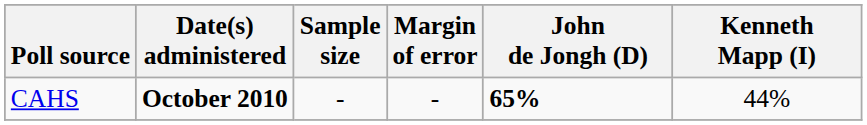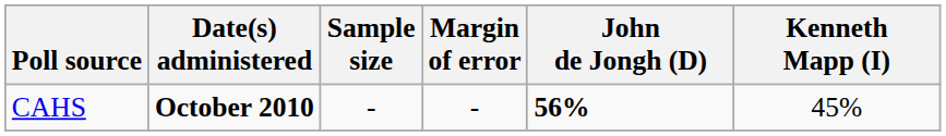 <table class="wikitable" style="font-size:90%">
 <tr valign=bottom>
 <th>Poll source</th>
 <th>Date(s)<br>administered</th>
 <th>Sample<br>size</th>
 <th>Margin<br>of error</th>
 <th style="width:100px;">John<br>de Jongh (D)</th>
 <th style="width:100px;">Kenneth<br>Mapp (I)</th>
 </tr>
 <tr>
 <td><a href='#'>CAHS</a></td>
 <td><strong>October 2010</strong></td>
 <td rowspan=2 align=center>-</td>
 <td rowspan=2 align=center>-</td>
-<td><strong>65%</strong></td>
-<td align=center>44%</td>
+<td><strong>56%</strong></td>
+<td align=center>45%</td>
 </tr>
 </table>
